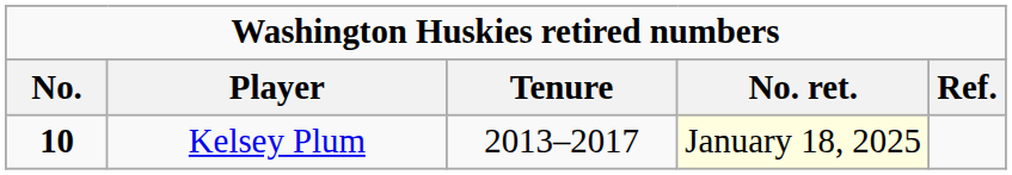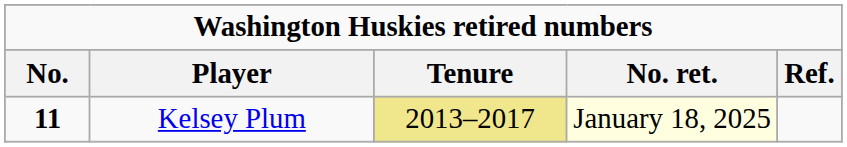 <table class="wikitable sortable" style="text-align:center">
 <tr>
 <td colspan=6><strong>Washington Huskies retired numbers</strong></td>
 </tr>
 <tr>
 <th width=40px>No.</th>
 <th width=150px>Player</th>
 <th width=100px>Tenure</th>
 <th width=px>No. ret.</th>
 <th width=px>Ref.</th>
 </tr>
 <tr>
-<td><strong>10</strong></td>
+<td><strong>11</strong></td>
 <td><a href='#'>Kelsey Plum</a></td>
-<td>2013–2017</td>
+<td style="background: khaki;">2013–2017</td>
 <td style="background: lightyellow;">January 18, 2025</td>
 <td></td>
 </tr>
 </table>
